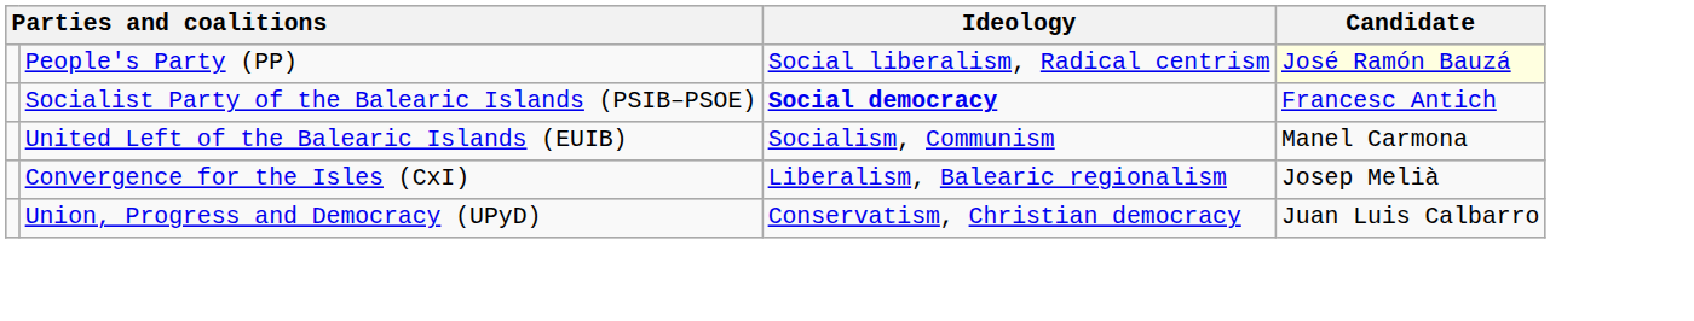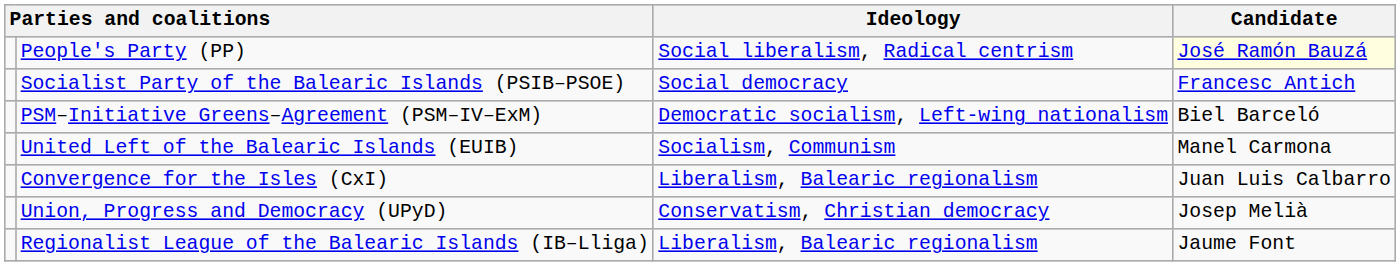 <table class="wikitable" style="font-size:95%;">
 <tr>
 <th style="text-align:left;" colspan="2">Parties and coalitions</th>
 <th>Ideology</th>
 <th>Candidate</th>
 </tr>
 <tr>
 <td width="1" style="color:inherit;background:"></td>
 <td><a href='#'>People's Party</a> (PP)</td>
 <td><a href='#'>Social liberalism</a>, <a href='#'>Radical centrism</a></td>
 <td style="background: lightyellow;"><a href='#'>José Ramón Bauzá</a></td>
 </tr>
 <tr>
 <td style="color:inherit;background:"></td>
 <td><a href='#'>Socialist Party of the Balearic Islands</a> (PSIB–PSOE)</td>
-<td><strong><a href='#'>Social democracy</a></strong></td>
+<td><a href='#'>Social democracy</a></td>
 <td><a href='#'>Francesc Antich</a></td>
+</tr>
+<tr>
+<td style="color:inherit;background:"></td>
+<td><a href='#'>PSM</a>–<a href='#'>Initiative Greens</a>–<a href='#'>Agreement</a> (PSM–IV–ExM)</td>
+<td><a href='#'>Democratic socialism</a>, <a href='#'>Left-wing nationalism</a></td>
+<td>Biel Barceló</td>
 </tr>
 <tr>
 <td style="color:inherit;background:"></td>
 <td><a href='#'>United Left of the Balearic Islands</a> (EUIB)</td>
 <td><a href='#'>Socialism</a>, <a href='#'>Communism</a></td>
 <td>Manel Carmona</td>
 </tr>
 <tr>
 <td style="color:inherit;background:"></td>
 <td><a href='#'>Convergence for the Isles</a> (CxI)</td>
 <td><a href='#'>Liberalism</a>, <a href='#'>Balearic regionalism</a></td>
-<td>Josep Melià</td>
+<td>Juan Luis Calbarro</td>
 </tr>
 <tr>
 <td style="color:inherit;background:"></td>
 <td><a href='#'>Union, Progress and Democracy</a> (UPyD)</td>
 <td><a href='#'>Conservatism</a>, <a href='#'>Christian democracy</a></td>
-<td>Juan Luis Calbarro</td>
+<td>Josep Melià</td>
+</tr>
+<tr>
+<td style="color:inherit;background:"></td>
+<td><a href='#'>Regionalist League of the Balearic Islands</a> (IB–Lliga)</td>
+<td><a href='#'>Liberalism</a>, <a href='#'>Balearic regionalism</a></td>
+<td>Jaume Font</td>
 </tr>
 </table>
